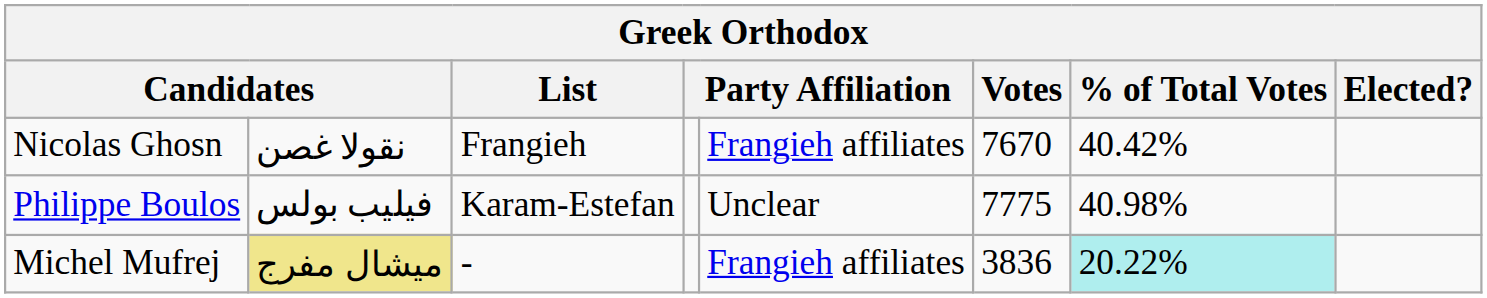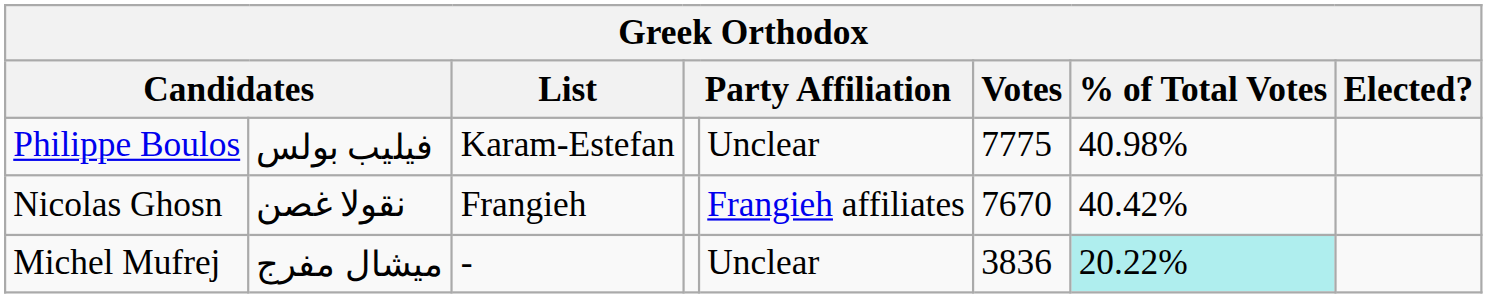 <table class="wikitable sortable">
 <tr>
 <th colspan="8">Greek Orthodox</th>
 </tr>
 <tr>
 <th colspan="2">Candidates</th>
 <th>List</th>
 <th colspan="2">Party Affiliation</th>
 <th>Votes</th>
 <th>% of Total Votes</th>
 <th>Elected?</th>
 </tr>
 <tr>
+<td><a href='#'>Philippe Boulos</a></td>
+<td>فيليب بولس</td>
+<td>Karam-Estefan</td>
+<td style="background: "></td>
+<td>Unclear</td>
+<td>7775</td>
+<td>40.98%</td>
+<td></td>
+</tr>
+<tr>
 <td>Nicolas Ghosn</td>
 <td>نقولا غصن</td>
 <td>Frangieh</td>
 <td style="background: "></td>
 <td><a href='#'>Frangieh</a> affiliates</td>
 <td>7670</td>
 <td>40.42%</td>
 <td></td>
 </tr>
 <tr>
-<td><a href='#'>Philippe Boulos</a></td>
-<td>فيليب بولس</td>
-<td>Karam-Estefan</td>
+<td>Michel Mufrej</td>
+<td>ميشال مفرج</td>
+<td>-</td>
 <td style="background: "></td>
 <td>Unclear</td>
-<td>7775</td>
-<td>40.98%</td>
-<td></td>
-</tr>
-<tr>
-<td>Michel Mufrej</td>
-<td style="background: khaki;">ميشال مفرج</td>
-<td>-</td>
-<td style="background: "></td>
-<td><a href='#'>Frangieh</a> affiliates</td>
 <td>3836</td>
 <td style="background: paleturquoise;">20.22%</td>
 <td></td>
 </tr>
 </table>
